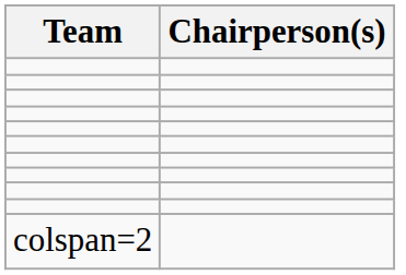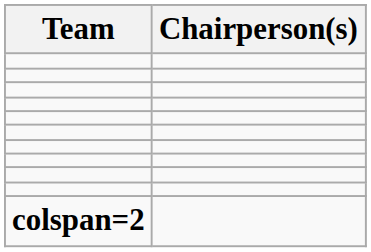 <table class="wikitable sortable" style="text-align: left;">
 <tr>
 <th>Team</th>
 <th>Chairperson(s)</th>
 </tr>
 <tr>
 <td><strong></strong></td>
 <td></td>
 </tr>
 <tr>
 <td><strong></strong></td>
 <td></td>
 </tr>
 <tr>
 <td><strong></strong></td>
 <td></td>
 </tr>
 <tr>
 <td><strong></strong></td>
 <td></td>
 </tr>
 <tr>
 <td><strong></strong></td>
 <td></td>
 </tr>
 <tr>
 <td><strong></strong></td>
 <td></td>
 </tr>
 <tr>
 <td><strong></strong></td>
 <td></td>
 </tr>
 <tr>
 <td><strong></strong></td>
 <td></td>
 </tr>
 <tr>
 <td><strong></strong></td>
 <td></td>
 </tr>
 <tr>
 <td><strong></strong></td>
 <td></td>
 </tr>
 <tr>
-<td>colspan=2 </td>
+<td><strong>colspan=2 </strong></td>
 </tr>
 </table>
